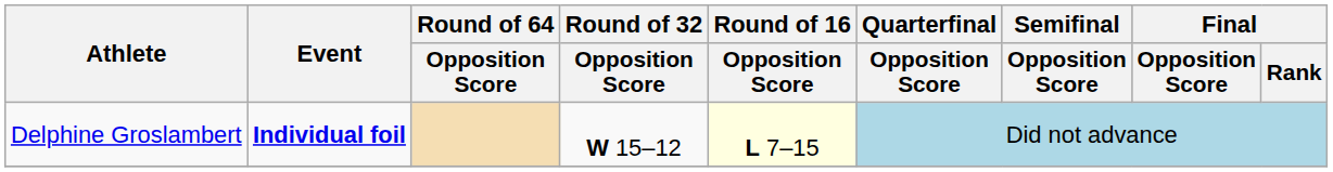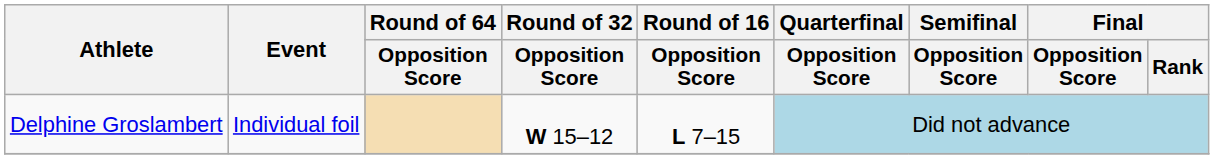 <table class="wikitable" style="font-size:90%">
 <tr>
 <th rowspan="2">Athlete</th>
 <th rowspan="2">Event</th>
 <th>Round of 64</th>
 <th>Round of 32</th>
 <th>Round of 16</th>
 <th>Quarterfinal</th>
 <th>Semifinal</th>
 <th colspan=2>Final</th>
 </tr>
 <tr style="font-size:95%">
 <th>Opposition <br> Score</th>
 <th>Opposition <br> Score</th>
 <th>Opposition <br> Score</th>
 <th>Opposition <br> Score</th>
 <th>Opposition <br> Score</th>
 <th>Opposition <br> Score</th>
 <th>Rank</th>
 </tr>
 <tr>
 <td><a href='#'>Delphine Groslambert</a></td>
-<td><strong><a href='#'>Individual foil</a></strong></td>
+<td><a href='#'>Individual foil</a></td>
 <td bgcolor=wheat></td>
 <td align=center> <br><strong>W</strong> 15–12</td>
-<td align=center style="background: lightyellow;"> <br><strong>L</strong> 7–15</td>
+<td align=center> <br><strong>L</strong> 7–15</td>
 <td colspan=4 bgcolor=lightblue align=center>Did not advance</td>
 </tr>
 <tr>
 </tr>
 </table>
